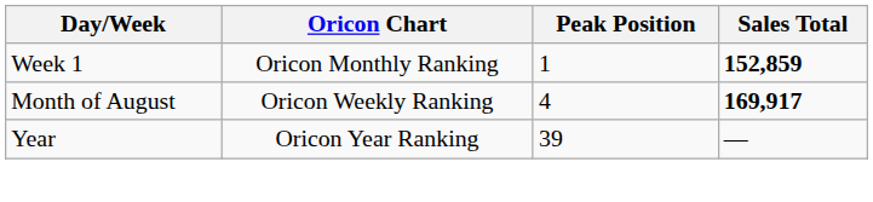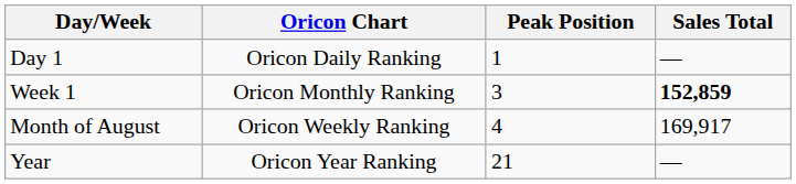 <table class="wikitable" width="575px">
 <tr>
 <th align="left">Day/Week</th>
 <th align="left"><a href='#'>Oricon</a> Chart</th>
 <th align="left">Peak Position</th>
 <th align="left">Sales Total</th>
 </tr>
 <tr>
+<td align="left">Day 1</td>
+<td align="center">Oricon Daily Ranking</td>
+<td align="left">1</td>
+<td align="left">—</td>
+</tr>
+<tr>
 <td align="left">Week 1</td>
 <td align="center">Oricon Monthly Ranking</td>
-<td align="left">1</td>
+<td align="left">3</td>
 <td align="left"><strong>152,859</strong></td>
 </tr>
 <tr>
 <td align="left">Month of August</td>
 <td align="center">Oricon Weekly Ranking</td>
 <td align="left">4</td>
-<td align="left"><strong>169,917</strong></td>
+<td align="left">169,917</td>
 </tr>
 <tr>
 <td align="left">Year</td>
 <td align="center">Oricon Year Ranking</td>
-<td align="left">39</td>
+<td align="left">21</td>
 <td align="left">—</td>
 </tr>
 </table>
